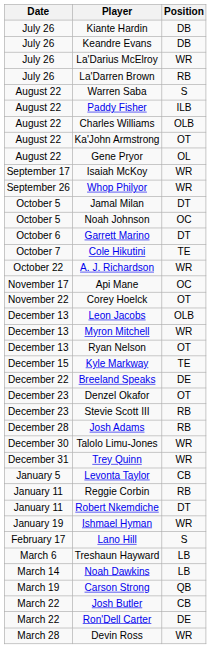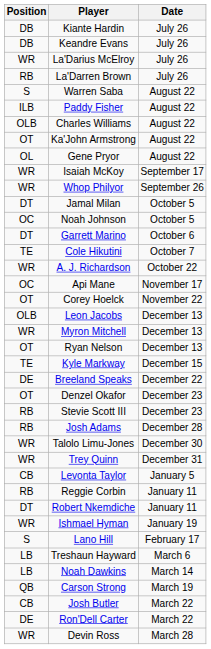 <table class="wikitable" style="text-align:center">
 <tr>
+<th>Position</th>
+<th>Player</th>
 <th>Date</th>
-<th>Player</th>
-<th>Position</th>
 </tr>
 <tr>
+<td>DB</td>
+<td>Kiante Hardin</td>
 <td>July 26</td>
-<td>Kiante Hardin</td>
-<td>DB</td>
 </tr>
 <tr>
+<td>DB</td>
+<td>Keandre Evans</td>
 <td>July 26</td>
-<td>Keandre Evans</td>
-<td>DB</td>
 </tr>
 <tr>
+<td>WR</td>
+<td>La'Darius McElroy</td>
 <td>July 26</td>
-<td>La'Darius McElroy</td>
-<td>WR</td>
 </tr>
 <tr>
+<td>RB</td>
+<td>La'Darren Brown</td>
 <td>July 26</td>
-<td>La'Darren Brown</td>
-<td>RB</td>
 </tr>
 <tr>
+<td>S</td>
+<td>Warren Saba</td>
 <td>August 22</td>
-<td>Warren Saba</td>
-<td>S</td>
 </tr>
 <tr>
+<td>ILB</td>
+<td><a href='#'>Paddy Fisher</a></td>
 <td>August 22</td>
-<td><a href='#'>Paddy Fisher</a></td>
-<td>ILB</td>
 </tr>
 <tr>
+<td>OLB</td>
+<td>Charles Williams</td>
 <td>August 22</td>
-<td>Charles Williams</td>
-<td>OLB</td>
 </tr>
 <tr>
+<td>OT</td>
+<td>Ka'John Armstrong</td>
 <td>August 22</td>
-<td>Ka'John Armstrong</td>
-<td>OT</td>
 </tr>
 <tr>
+<td>OL</td>
+<td>Gene Pryor</td>
 <td>August 22</td>
-<td>Gene Pryor</td>
-<td>OL</td>
 </tr>
 <tr>
+<td>WR</td>
+<td>Isaiah McKoy</td>
 <td>September 17</td>
-<td>Isaiah McKoy</td>
-<td>WR</td>
 </tr>
 <tr>
+<td>WR</td>
+<td><a href='#'>Whop Philyor</a></td>
 <td>September 26</td>
-<td><a href='#'>Whop Philyor</a></td>
-<td>WR</td>
 </tr>
 <tr>
+<td>DT</td>
+<td>Jamal Milan</td>
 <td>October 5</td>
-<td>Jamal Milan</td>
-<td>DT</td>
 </tr>
 <tr>
+<td>OC</td>
+<td>Noah Johnson</td>
 <td>October 5</td>
-<td>Noah Johnson</td>
-<td>OC</td>
 </tr>
 <tr>
+<td>DT</td>
+<td><a href='#'>Garrett Marino</a></td>
 <td>October 6</td>
-<td><a href='#'>Garrett Marino</a></td>
-<td>DT</td>
 </tr>
 <tr>
+<td>TE</td>
+<td><a href='#'>Cole Hikutini</a></td>
 <td>October 7</td>
-<td><a href='#'>Cole Hikutini</a></td>
-<td>TE</td>
 </tr>
 <tr>
+<td>WR</td>
+<td><a href='#'>A. J. Richardson</a></td>
 <td>October 22</td>
-<td><a href='#'>A. J. Richardson</a></td>
-<td>WR</td>
 </tr>
 <tr>
+<td>OC</td>
+<td>Api Mane</td>
 <td>November 17</td>
-<td>Api Mane</td>
-<td>OC</td>
 </tr>
 <tr>
+<td>OT</td>
+<td>Corey Hoelck</td>
 <td>November 22</td>
-<td>Corey Hoelck</td>
-<td>OT</td>
 </tr>
 <tr>
+<td>OLB</td>
+<td><a href='#'>Leon Jacobs</a></td>
 <td>December 13</td>
-<td><a href='#'>Leon Jacobs</a></td>
-<td>OLB</td>
 </tr>
 <tr>
+<td>WR</td>
+<td><a href='#'>Myron Mitchell</a></td>
 <td>December 13</td>
-<td><a href='#'>Myron Mitchell</a></td>
-<td>WR</td>
 </tr>
 <tr>
+<td>OT</td>
+<td>Ryan Nelson</td>
 <td>December 13</td>
-<td>Ryan Nelson</td>
-<td>OT</td>
 </tr>
 <tr>
+<td>TE</td>
+<td><a href='#'>Kyle Markway</a></td>
 <td>December 15</td>
-<td><a href='#'>Kyle Markway</a></td>
-<td>TE</td>
 </tr>
 <tr>
+<td>DE</td>
+<td><a href='#'>Breeland Speaks</a></td>
 <td>December 22</td>
-<td><a href='#'>Breeland Speaks</a></td>
-<td>DE</td>
 </tr>
 <tr>
+<td>OT</td>
+<td>Denzel Okafor</td>
 <td>December 23</td>
-<td>Denzel Okafor</td>
-<td>OT</td>
 </tr>
 <tr>
+<td>RB</td>
+<td>Stevie Scott III</td>
 <td>December 23</td>
-<td>Stevie Scott III</td>
-<td>RB</td>
 </tr>
 <tr>
+<td>RB</td>
+<td><a href='#'>Josh Adams</a></td>
 <td>December 28</td>
-<td><a href='#'>Josh Adams</a></td>
-<td>RB</td>
 </tr>
 <tr>
+<td>WR</td>
+<td>Talolo Limu-Jones</td>
 <td>December 30</td>
-<td>Talolo Limu-Jones</td>
-<td>WR</td>
 </tr>
 <tr>
+<td>WR</td>
+<td><a href='#'>Trey Quinn</a></td>
 <td>December 31</td>
-<td><a href='#'>Trey Quinn</a></td>
-<td>WR</td>
 </tr>
 <tr>
+<td>CB</td>
+<td><a href='#'>Levonta Taylor</a></td>
 <td>January 5</td>
-<td><a href='#'>Levonta Taylor</a></td>
-<td>CB</td>
 </tr>
 <tr>
+<td>RB</td>
+<td>Reggie Corbin</td>
 <td>January 11</td>
-<td>Reggie Corbin</td>
-<td>RB</td>
 </tr>
 <tr>
+<td>DT</td>
+<td><a href='#'>Robert Nkemdiche</a></td>
 <td>January 11</td>
-<td><a href='#'>Robert Nkemdiche</a></td>
-<td>DT</td>
 </tr>
 <tr>
+<td>WR</td>
+<td><a href='#'>Ishmael Hyman</a></td>
 <td>January 19</td>
-<td><a href='#'>Ishmael Hyman</a></td>
-<td>WR</td>
 </tr>
 <tr>
+<td>S</td>
+<td><a href='#'>Lano Hill</a></td>
 <td>February 17</td>
-<td><a href='#'>Lano Hill</a></td>
-<td>S</td>
 </tr>
 <tr>
+<td>LB</td>
+<td>Treshaun Hayward</td>
 <td>March 6</td>
-<td>Treshaun Hayward</td>
-<td>LB</td>
 </tr>
 <tr>
+<td>LB</td>
+<td><a href='#'>Noah Dawkins</a></td>
 <td>March 14</td>
-<td><a href='#'>Noah Dawkins</a></td>
-<td>LB</td>
 </tr>
 <tr>
+<td>QB</td>
+<td><a href='#'>Carson Strong</a></td>
 <td>March 19</td>
-<td><a href='#'>Carson Strong</a></td>
-<td>QB</td>
 </tr>
 <tr>
+<td>CB</td>
+<td><a href='#'>Josh Butler</a></td>
 <td>March 22</td>
-<td><a href='#'>Josh Butler</a></td>
-<td>CB</td>
 </tr>
 <tr>
+<td>DE</td>
+<td><a href='#'>Ron'Dell Carter</a></td>
 <td>March 22</td>
-<td><a href='#'>Ron'Dell Carter</a></td>
-<td>DE</td>
 </tr>
 <tr>
+<td>WR</td>
+<td>Devin Ross</td>
 <td>March 28</td>
-<td>Devin Ross</td>
-<td>WR</td>
 </tr>
 </table>
